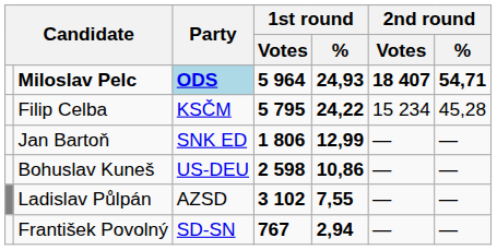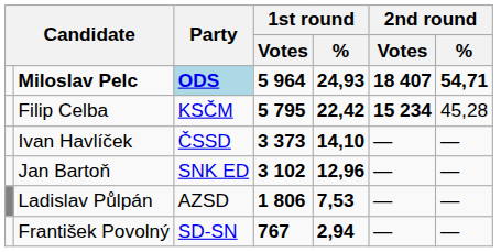 <table class="wikitable sortable">
 <tr>
 <th colspan="2" rowspan="2">Candidate</th>
 <th rowspan="2">Party</th>
 <th colspan="2">1st round</th>
 <th colspan="2">2nd round</th>
 </tr>
 <tr>
 <th>Votes</th>
 <th>%</th>
 <th>Votes</th>
 <th>%</th>
 </tr>
 <tr>
 <td style="background-color:"></td>
 <td><strong>Miloslav Pelc</strong></td>
 <td style="background: lightblue;"><a href='#'><strong>ODS</strong></a></td>
 <td><strong>5 964</strong></td>
 <td><strong>24,93</strong></td>
 <td><strong>18 407</strong></td>
 <td><strong>54,71</strong></td>
 </tr>
 <tr>
 <td style="background-color:"></td>
 <td>Filip Celba</td>
 <td><a href='#'>KSČM</a></td>
 <td><strong>5 795</strong></td>
-<td><strong>24,22</strong></td>
-<td>15 234</td>
+<td><strong>22,42</strong></td>
+<td><strong>15 234</strong></td>
 <td>45,28</td>
+</tr>
+<tr>
+<td style="background-color:"></td>
+<td>Ivan Havlíček</td>
+<td><a href='#'>ČSSD</a></td>
+<td><strong>3 373</strong></td>
+<td><strong>14,10</strong></td>
+<td>—</td>
+<td>—</td>
 </tr>
 <tr>
 <td style="background-color:"></td>
 <td>Jan Bartoň</td>
 <td><a href='#'>SNK ED</a></td>
-<td><strong>1 806</strong></td>
-<td><strong>12,99</strong></td>
-<td>—</td>
-<td>—</td>
-</tr>
-<tr>
-<td style="background-color:"></td>
-<td>Bohuslav Kuneš</td>
-<td><a href='#'>US-DEU</a></td>
-<td><strong>2 598</strong></td>
-<td><strong>10,86</strong></td>
+<td><strong>3 102</strong></td>
+<td><strong>12,96</strong></td>
 <td>—</td>
 <td>—</td>
 </tr>
 <tr>
 <td style="background-color:gray;"></td>
 <td>Ladislav Půlpán</td>
 <td>AZSD</td>
-<td><strong>3 102</strong></td>
-<td><strong>7,55</strong></td>
+<td><strong>1 806</strong></td>
+<td><strong>7,53</strong></td>
 <td>—</td>
 <td>—</td>
 </tr>
 <tr>
 <td style="background-color:"></td>
 <td>František Povolný</td>
 <td><a href='#'>SD-SN</a></td>
 <td><strong>767</strong></td>
 <td><strong>2,94</strong></td>
 <td>—</td>
 <td>—</td>
 </tr>
 </table>
